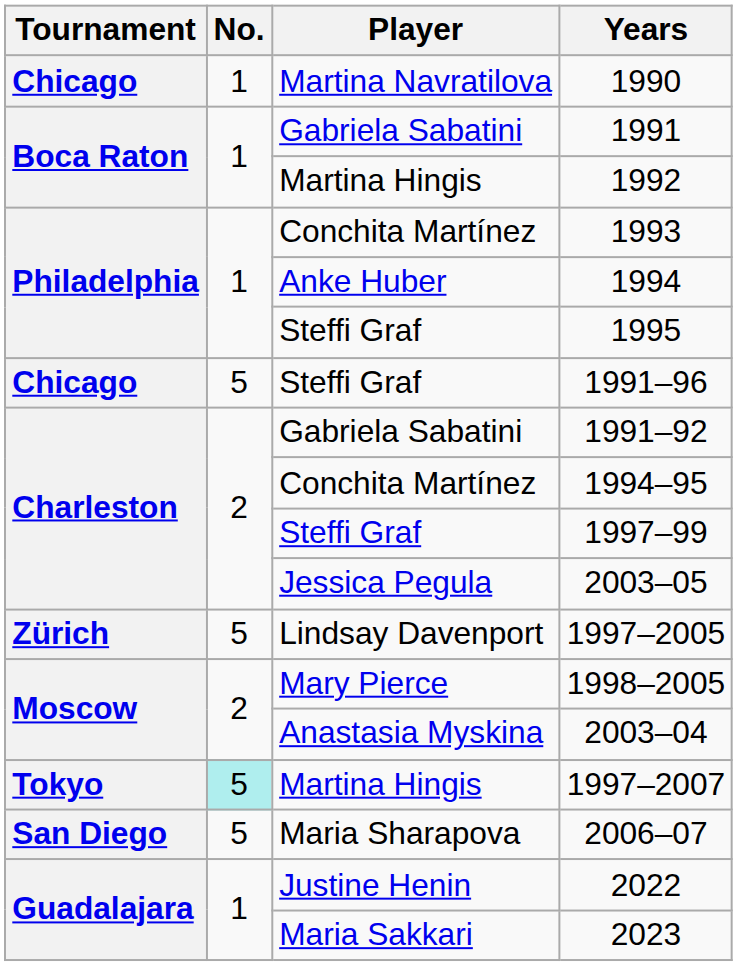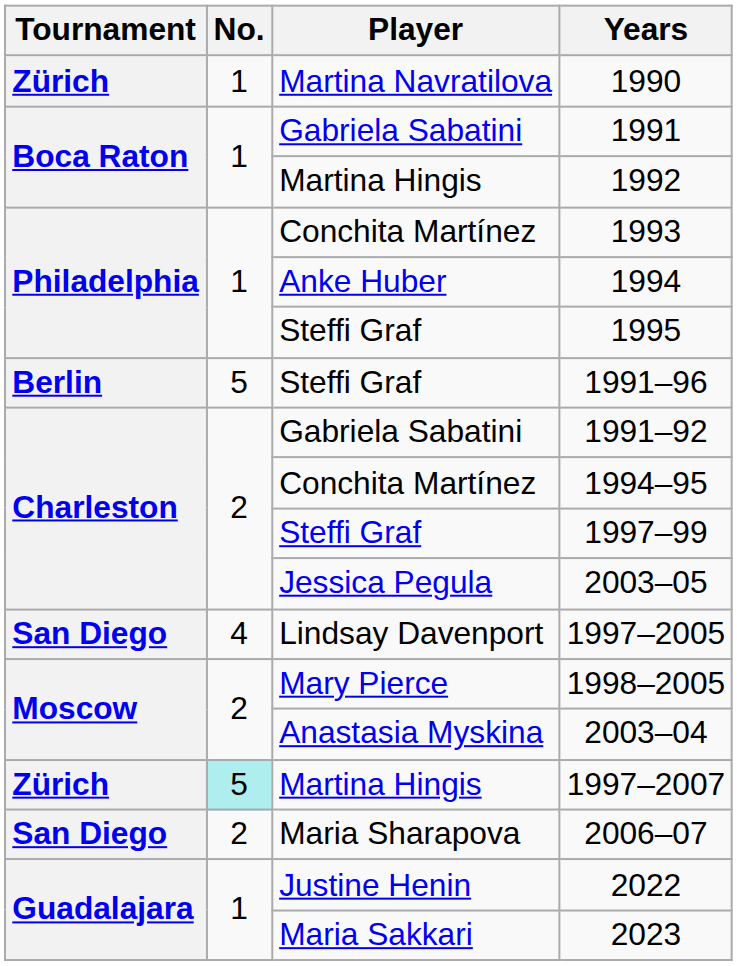 <table class="wikitable nowrap" style="text-align:center; display:inline-table">
 <tr>
 <th scope="col">Tournament</th>
 <th scope="col" style="width:20">No.</th>
 <th scope="col">Player</th>
 <th scope="col">Years</th>
 </tr>
 <tr>
-<th style="text-align:left"><a href='#'>Chicago</a></th>
+<th scope="row" style="text-align:left;"><a href='#'>Zürich</a></th>
 <td>1</td>
 <td style="text-align:left"> <a href='#'>Martina Navratilova</a></td>
 <td>1990</td>
 </tr>
 <tr>
 <th scope="row" rowspan="2" style="text-align:left"><a href='#'>Boca Raton</a></th>
 <td rowspan="2">1</td>
 <td style="text-align:left"> <a href='#'>Gabriela Sabatini</a></td>
 <td>1991</td>
 </tr>
 <tr>
 <td style="text-align: left;"> Martina Hingis</td>
 <td>1992</td>
 </tr>
 <tr>
 <th scope="row" rowspan="3" style="text-align:left"><a href='#'>Philadelphia</a></th>
 <td rowspan="3">1</td>
 <td style="text-align:left"> Conchita Martínez</td>
 <td>1993</td>
 </tr>
 <tr>
 <td style="text-align:left"> <a href='#'>Anke Huber</a></td>
 <td>1994</td>
 </tr>
 <tr>
 <td style="text-align:left"> Steffi Graf</td>
 <td>1995</td>
 </tr>
 <tr>
-<th style="text-align:left"><a href='#'>Chicago</a></th>
+<th scope="row" style="text-align:left;"><a href='#'>Berlin</a></th>
 <td>5</td>
 <td style="text-align:left"> Steffi Graf</td>
 <td>1991–96</td>
 </tr>
 <tr>
 <th scope="row" rowspan="4" style="text-align:left"><a href='#'>Charleston</a></th>
 <td rowspan="4">2</td>
 <td style="text-align:left"> Gabriela Sabatini</td>
 <td>1991–92</td>
 </tr>
 <tr>
 <td style="text-align: left;"> Conchita Martínez</td>
 <td>1994–95</td>
 </tr>
 <tr>
 <td style="text-align:left"> <a href='#'>Steffi Graf</a></td>
 <td>1997–99</td>
 </tr>
 <tr>
 <td style="text-align:left"> <a href='#'>Jessica Pegula</a></td>
 <td>2003–05</td>
 </tr>
 <tr>
-<th scope="row" style="text-align:left;"><a href='#'>Zürich</a></th>
-<td>5</td>
+<th scope="row" style="text-align:left;"><a href='#'>San Diego</a></th>
+<td>4</td>
 <td style="text-align:left"> Lindsay Davenport</td>
 <td>1997–2005</td>
 </tr>
 <tr>
 <th scope="row" rowspan="2" style="text-align:left;"><a href='#'>Moscow</a></th>
 <td rowspan="2">2</td>
 <td style="text-align:left"> <a href='#'>Mary Pierce</a></td>
 <td>1998–2005</td>
 </tr>
 <tr>
 <td style="text-align:left"> <a href='#'>Anastasia Myskina</a></td>
 <td>2003–04</td>
 </tr>
 <tr>
-<th scope="row" style="text-align:left;"><a href='#'>Tokyo</a></th>
+<th scope="row" style="text-align:left;"><a href='#'>Zürich</a></th>
 <td style="background: paleturquoise;">5</td>
 <td style="text-align:left"> <a href='#'>Martina Hingis</a></td>
 <td>1997–2007</td>
 </tr>
 <tr>
 <th scope="row" style="text-align:left;"><a href='#'>San Diego</a></th>
-<td>5</td>
+<td>2</td>
 <td style="text-align:left"> Maria Sharapova</td>
 <td>2006–07</td>
 </tr>
 <tr>
 <th scope="row" rowspan=2 style="text-align:left;"><a href='#'>Guadalajara</a></th>
 <td rowspan=2>1</td>
 <td style="text-align: left;"> <a href='#'>Justine Henin</a></td>
 <td>2022</td>
 </tr>
 <tr>
 <td style="text-align:left"> <a href='#'>Maria Sakkari</a></td>
 <td>2023</td>
 </tr>
 </table>
